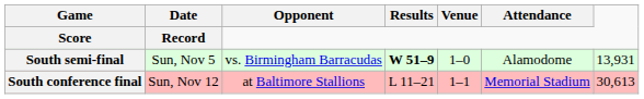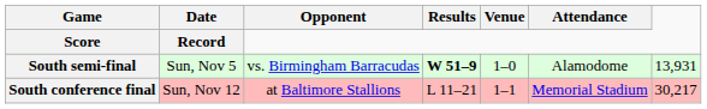 <table class="wikitable" style="text-align:center">
 <tr>
 <th>Game</th>
 <th>Date</th>
 <th>Opponent</th>
 <th>Results</th>
 <th>Venue</th>
 <th>Attendance</th>
 </tr>
 <tr>
 <th>Score</th>
 <th>Record</th>
 </tr>
 <tr style="background:#ddffdd">
 <th>South semi-final</th>
 <td>Sun, Nov 5</td>
 <td>vs. <a href='#'>Birmingham Barracudas</a></td>
 <td><strong>W 51–9</strong></td>
 <td>1–0</td>
 <td>Alamodome</td>
 <td>13,931</td>
 </tr>
 <tr style="background:#ffbbbb">
 <th>South conference final</th>
 <td>Sun, Nov 12</td>
 <td>at <a href='#'>Baltimore Stallions</a></td>
 <td>L 11–21</td>
 <td>1–1</td>
 <td><a href='#'>Memorial Stadium</a></td>
-<td>30,613</td>
+<td>30,217</td>
 </tr>
 </table>
